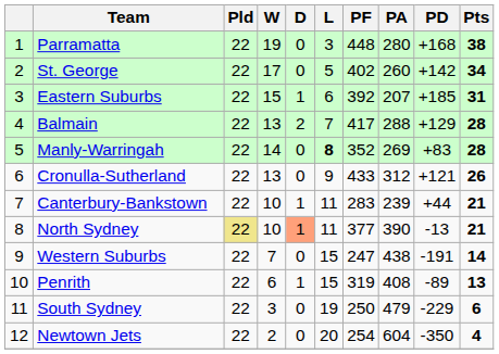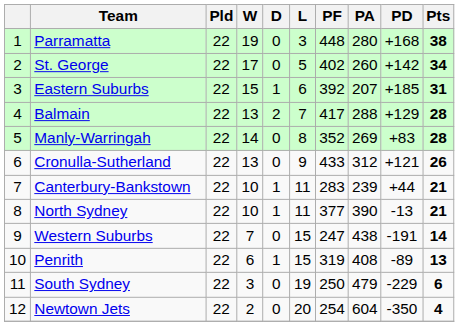 <table class="wikitable" style="text-align:center;">
 <tr>
 <th width=20 abbr="Position×"></th>
 <th width=175>Team</th>
 <th width=20 abbr="Played">Pld</th>
 <th width=20 abbr="Won">W</th>
 <th width=20 abbr="Drawn">D</th>
 <th width=20 abbr="Lost">L</th>
 <th width=20 abbr="Points for">PF</th>
 <th width=20 abbr="Points against">PA</th>
 <th width=20 abbr="Points difference">PD</th>
 <th width=20 abbr="Points">Pts</th>
 </tr>
 <tr style="background: #ccffcc;">
 <td>1</td>
 <td style="text-align:left;"> <a href='#'>Parramatta</a></td>
 <td>22</td>
 <td>19</td>
 <td>0</td>
 <td>3</td>
 <td>448</td>
 <td>280</td>
 <td>+168</td>
 <td><strong>38</strong></td>
 </tr>
 <tr style="background: #ccffcc;">
 <td>2</td>
 <td style="text-align:left;"> <a href='#'>St. George</a></td>
 <td>22</td>
 <td>17</td>
 <td>0</td>
 <td>5</td>
 <td>402</td>
 <td>260</td>
 <td>+142</td>
 <td><strong>34</strong></td>
 </tr>
 <tr style="background: #ccffcc;">
 <td>3</td>
 <td style="text-align:left;"> <a href='#'>Eastern Suburbs</a></td>
 <td>22</td>
 <td>15</td>
 <td>1</td>
 <td>6</td>
 <td>392</td>
 <td>207</td>
 <td>+185</td>
 <td><strong>31</strong></td>
 </tr>
 <tr style="background: #ccffcc;">
 <td>4</td>
 <td style="text-align:left;"> <a href='#'>Balmain</a></td>
 <td>22</td>
 <td>13</td>
 <td>2</td>
 <td>7</td>
 <td>417</td>
 <td>288</td>
 <td>+129</td>
 <td><strong>28</strong></td>
 </tr>
 <tr style="background: #ccffcc;">
 <td>5</td>
 <td style="text-align:left;"> <a href='#'>Manly-Warringah</a></td>
 <td>22</td>
 <td>14</td>
 <td>0</td>
-<td><strong>8</strong></td>
+<td>8</td>
 <td>352</td>
 <td>269</td>
 <td>+83</td>
 <td><strong>28</strong></td>
 </tr>
 <tr>
 <td>6</td>
 <td style="text-align:left;"> <a href='#'>Cronulla-Sutherland</a></td>
 <td>22</td>
 <td>13</td>
 <td>0</td>
 <td>9</td>
 <td>433</td>
 <td>312</td>
 <td>+121</td>
 <td><strong>26</strong></td>
 </tr>
 <tr>
 <td>7</td>
 <td style="text-align:left;"> <a href='#'>Canterbury-Bankstown</a></td>
 <td>22</td>
 <td>10</td>
 <td>1</td>
 <td>11</td>
 <td>283</td>
 <td>239</td>
 <td>+44</td>
 <td><strong>21</strong></td>
 </tr>
 <tr>
 <td>8</td>
 <td style="text-align:left;"> <a href='#'>North Sydney</a></td>
-<td style="background: khaki;">22</td>
+<td>22</td>
 <td>10</td>
-<td style="background: lightsalmon;">1</td>
+<td>1</td>
 <td>11</td>
 <td>377</td>
 <td>390</td>
 <td>-13</td>
 <td><strong>21</strong></td>
 </tr>
 <tr>
 <td>9</td>
 <td style="text-align:left;"> <a href='#'>Western Suburbs</a></td>
 <td>22</td>
 <td>7</td>
 <td>0</td>
 <td>15</td>
 <td>247</td>
 <td>438</td>
 <td>-191</td>
 <td><strong>14</strong></td>
 </tr>
 <tr>
 <td>10</td>
 <td style="text-align:left;"> <a href='#'>Penrith</a></td>
 <td>22</td>
 <td>6</td>
 <td>1</td>
 <td>15</td>
 <td>319</td>
 <td>408</td>
 <td>-89</td>
 <td><strong>13</strong></td>
 </tr>
 <tr>
 <td>11</td>
 <td style="text-align:left;"> <a href='#'>South Sydney</a></td>
 <td>22</td>
 <td>3</td>
 <td>0</td>
 <td>19</td>
 <td>250</td>
 <td>479</td>
 <td>-229</td>
 <td><strong>6</strong></td>
 </tr>
 <tr>
 <td>12</td>
 <td style="text-align:left;"> <a href='#'>Newtown Jets</a></td>
 <td>22</td>
 <td>2</td>
 <td>0</td>
 <td>20</td>
 <td>254</td>
 <td>604</td>
 <td>-350</td>
 <td><strong>4</strong></td>
 </tr>
 <tr>
 </tr>
 </table>
